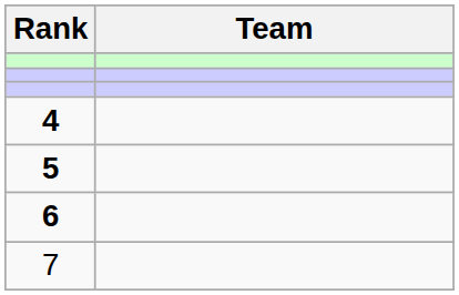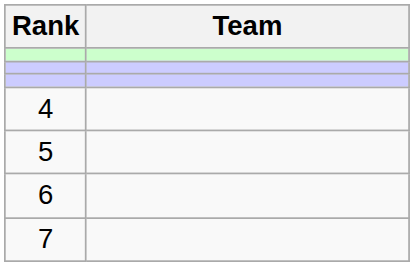 <table class="wikitable" style="text-align: center;">
 <tr>
 <th width=40>Rank</th>
 <th width=180>Team</th>
 </tr>
 <tr bgcolor=ccffcc>
 <td></td>
 <td style="text-align: left;"></td>
 </tr>
 <tr bgcolor=ccccff>
 <td></td>
 <td style="text-align: left;"></td>
 </tr>
 <tr bgcolor=ccccff>
 <td></td>
 <td style="text-align: left;"></td>
 </tr>
 <tr>
-<td><strong>4</strong></td>
+<td>4</td>
 <td style="text-align: left;"></td>
 </tr>
 <tr>
-<td><strong>5</strong></td>
+<td>5</td>
 <td style="text-align: left;"></td>
 </tr>
 <tr>
-<td><strong>6</strong></td>
+<td>6</td>
 <td style="text-align: left;"></td>
 </tr>
 <tr>
 <td>7</td>
 <td style="text-align: left;"></td>
 </tr>
 </table>
